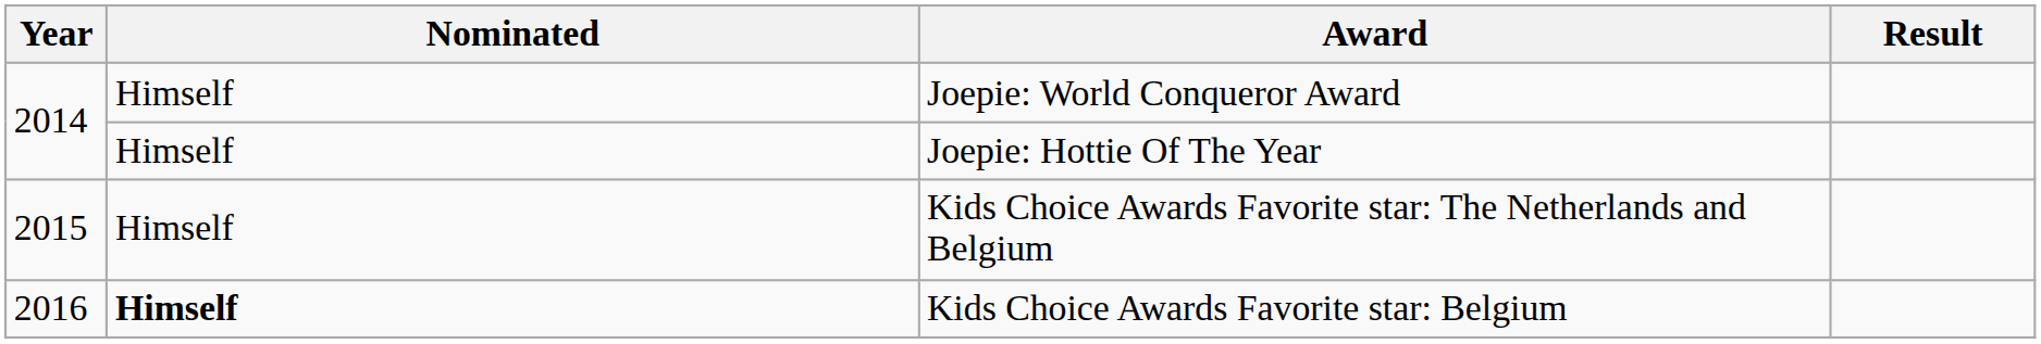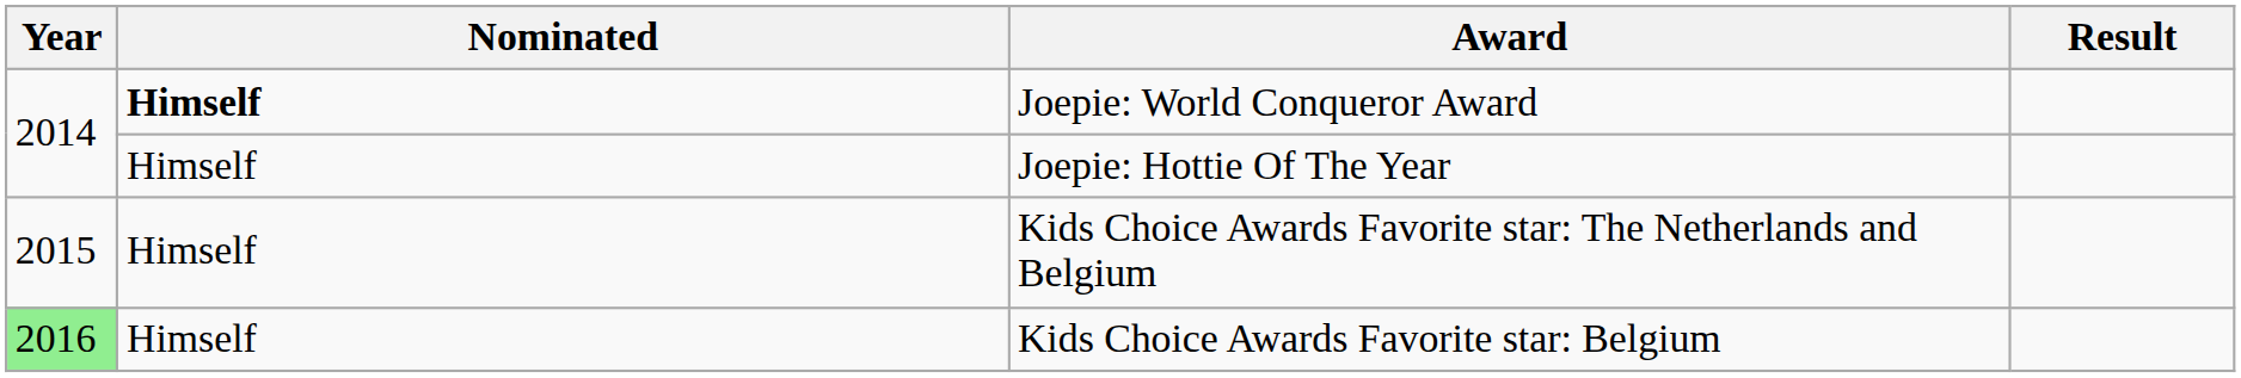 <table class="wikitable" style="width:70%;">
 <tr>
 <th width=5%>Year</th>
 <th style="width:40%;">Nominated</th>
 <th style="width:45%;">Award</th>
 <th style="width:10%;">Result</th>
 </tr>
 <tr>
 <td rowspan="2">2014</td>
-<td>Himself</td>
+<td><strong>Himself</strong></td>
 <td>Joepie: World Conqueror Award</td>
 <td></td>
 </tr>
 <tr>
 <td>Himself</td>
 <td>Joepie: Hottie Of The Year</td>
 <td></td>
 </tr>
 <tr>
 <td>2015</td>
 <td>Himself</td>
 <td>Kids Choice Awards Favorite star: The Netherlands and Belgium</td>
 <td></td>
 </tr>
 <tr>
-<td>2016</td>
-<td><strong>Himself</strong></td>
+<td style="background: lightgreen;">2016</td>
+<td>Himself</td>
 <td>Kids Choice Awards Favorite star: Belgium</td>
 <td></td>
 </tr>
 </table>
